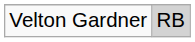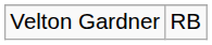 <table class="wikitable">
 <tr>
 </tr>
 <tr>
 <td>Velton Gardner</td>
-<td style="background: lightgrey;">RB</td>
+<td>RB</td>
 </tr>
 </table>
